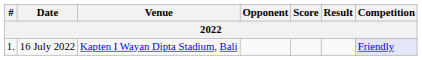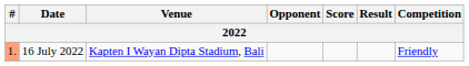 <table class="wikitable">
 <tr>
 <th>#</th>
 <th>Date</th>
 <th>Venue</th>
 <th>Opponent</th>
 <th>Score</th>
 <th>Result</th>
 <th>Competition</th>
 </tr>
 <tr>
 <th colspan="7">2022</th>
 </tr>
 <tr>
-<td>1.</td>
+<td style="background: lightsalmon;">1.</td>
 <td>16 July 2022</td>
 <td><a href='#'>Kapten I Wayan Dipta Stadium</a>, <a href='#'>Bali</a></td>
 <td></td>
 <td></td>
 <td></td>
-<td style="background: lavender;"><a href='#'>Friendly</a></td>
+<td><a href='#'>Friendly</a></td>
 </tr>
 </table>
